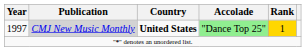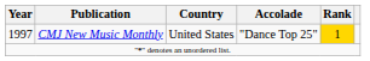 <table class="wikitable sortable" style="margin:0em 1em 1em 0pt">
 <tr>
 <th>Year</th>
 <th>Publication</th>
 <th>Country</th>
 <th>Accolade</th>
 <th>Rank</th>
 <th class=unsortable></th>
 </tr>
 <tr>
 <td align=center>1997</td>
-<td style="background: lightgrey;"><em><a href='#'>CMJ New Music Monthly</a></em></td>
-<td><strong>United States</strong></td>
-<td style="background: lightgreen;">"Dance Top 25"</td>
+<td><em><a href='#'>CMJ New Music Monthly</a></em></td>
+<td>United States</td>
+<td>"Dance Top 25"</td>
 <td align=center style="background: gold;">1</td>
 <td></td>
 </tr>
 <tr class="sortbottom">
 <td colspan=6 style=font-size:8pt; align=center>"<strong>*</strong>" denotes an unordered list.</td>
 </tr>
 </table>
